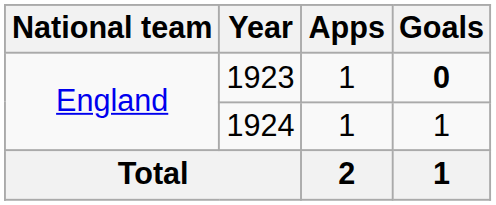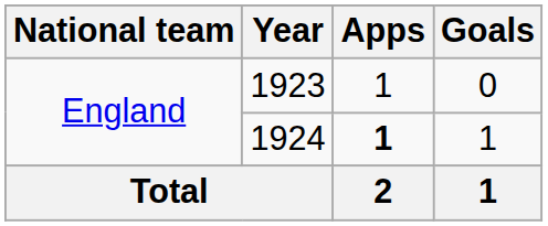 <table class=wikitable style=text-align:center>
 <tr>
 <th>National team</th>
 <th>Year</th>
 <th>Apps</th>
 <th>Goals</th>
 </tr>
 <tr>
 <td rowspan=2><a href='#'>England</a></td>
 <td>1923</td>
 <td>1</td>
-<td><strong>0</strong></td>
+<td>0</td>
 </tr>
 <tr>
 <td>1924</td>
-<td>1</td>
+<td><strong>1</strong></td>
 <td>1</td>
 </tr>
 <tr>
 <th colspan=2>Total</th>
 <th>2</th>
 <th>1</th>
 </tr>
 </table>
